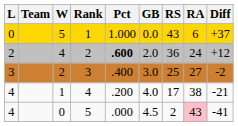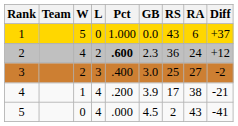 <table class="wikitable">
 <tr>
-<th>L</th>
+<th>Rank</th>
 <th>Team</th>
 <th>W</th>
-<th>Rank</th>
+<th>L</th>
 <th>Pct</th>
 <th>GB</th>
 <th>RS</th>
 <th>RA</th>
 <th>Diff</th>
 </tr>
 <tr align=center bgcolor=gold>
-<td>0</td>
+<td>1</td>
 <td></td>
 <td>5</td>
-<td>1</td>
+<td>0</td>
 <td>1.000</td>
 <td>0.0</td>
 <td>43</td>
 <td>6</td>
 <td>+37</td>
 </tr>
 <tr align=center bgcolor=#c0c0c0>
 <td>2</td>
 <td></td>
 <td>4</td>
 <td>2</td>
 <td><strong>.600</strong></td>
-<td>2.0</td>
+<td>2.3</td>
 <td>36</td>
 <td>24</td>
 <td>+12</td>
 </tr>
 <tr align=center bgcolor=#cd7f32>
 <td>3</td>
 <td></td>
 <td>2</td>
 <td>3</td>
 <td>.400</td>
 <td>3.0</td>
 <td>25</td>
 <td>27</td>
 <td>-2</td>
 </tr>
 <tr align=center>
 <td>4</td>
 <td></td>
 <td>1</td>
 <td>4</td>
 <td>.200</td>
-<td>4.0</td>
+<td>3.9</td>
 <td>17</td>
 <td>38</td>
 <td>-21</td>
 </tr>
 <tr align=center>
-<td>4</td>
+<td>5</td>
 <td></td>
 <td>0</td>
-<td>5</td>
+<td>4</td>
 <td>.000</td>
 <td>4.5</td>
 <td>2</td>
-<td style="background: pink;">43</td>
+<td>43</td>
 <td>-41</td>
 </tr>
 </table>
